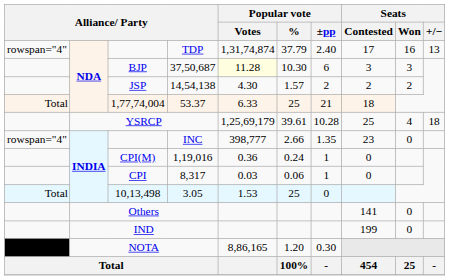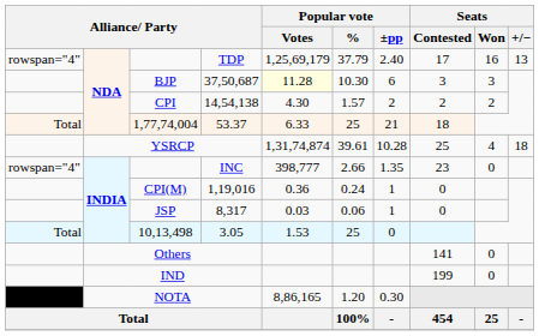 <table class="wikitable sortable" style="text-align:center;">
 <tr>
 <th colspan="4" rowspan="2">Alliance/ Party</th>
 <th colspan="3">Popular vote</th>
 <th colspan="3">Seats</th>
 </tr>
 <tr>
 <th>Votes</th>
 <th>%</th>
 <th>±<a href='#'>pp</a></th>
 <th>Contested</th>
 <th>Won</th>
 <th><strong>+/−</strong></th>
 </tr>
 <tr>
 <td>rowspan="4" </td>
 <th rowspan="4"style="background:#fef3e8"><a href='#'>NDA</a></th>
 <td></td>
 <td><a href='#'>TDP</a></td>
-<td>1,31,74,874</td>
+<td>1,25,69,179</td>
 <td>37.79</td>
 <td> 2.40</td>
 <td>17</td>
 <td>16</td>
 <td> 13</td>
 </tr>
 <tr>
 <td></td>
 <td><a href='#'>BJP</a></td>
 <td>37,50,687</td>
 <td style="background: lightyellow;">11.28</td>
 <td> 10.30</td>
 <td>6</td>
 <td>3</td>
 <td> 3</td>
 </tr>
 <tr>
 <td></td>
-<td><a href='#'>JSP</a></td>
+<td><a href='#'>CPI</a></td>
 <td>14,54,138</td>
 <td>4.30</td>
 <td> 1.57</td>
 <td>2</td>
 <td>2</td>
 <td> 2</td>
 </tr>
 <tr>
 <td colspan="2"style="background:#fef3e8">Total</td>
 <td style="background:#fef3e8">1,77,74,004</td>
 <td style="background:#fef3e8">53.37</td>
 <td style="background:#fef3e8"> 6.33</td>
 <td style="background:#fef3e8">25</td>
 <td style="background:#fef3e8">21</td>
 <td style="background:#fef3e8"> 18</td>
 </tr>
 <tr>
 <td></td>
 <td colspan="3"><a href='#'>YSRCP</a></td>
-<td>1,25,69,179</td>
+<td>1,31,74,874</td>
 <td>39.61</td>
 <td> 10.28</td>
 <td>25</td>
 <td>4</td>
 <td> 18</td>
 </tr>
 <tr>
 <td>rowspan="4" </td>
 <th rowspan="4"style="background:#E5F8FF"><a href='#'>INDIA</a></th>
 <td></td>
 <td><a href='#'>INC</a></td>
 <td>398,777</td>
 <td>2.66</td>
 <td> 1.35</td>
 <td>23</td>
 <td>0</td>
 <td></td>
 </tr>
 <tr>
 <td></td>
 <td><a href='#'>CPI(M)</a></td>
 <td>1,19,016</td>
 <td>0.36</td>
 <td> 0.24</td>
 <td>1</td>
 <td>0</td>
 <td></td>
 </tr>
 <tr>
 <td></td>
-<td><a href='#'>CPI</a></td>
+<td><a href='#'>JSP</a></td>
 <td>8,317</td>
 <td>0.03</td>
 <td> 0.06</td>
 <td>1</td>
 <td>0</td>
 <td></td>
 </tr>
 <tr>
 <td colspan="2"style="background:#E5F8FF">Total</td>
 <td style="background:#E5F8FF">10,13,498</td>
 <td style="background:#E5F8FF">3.05</td>
 <td style="background:#E5F8FF"> 1.53</td>
 <td style="background:#E5F8FF">25</td>
 <td style="background:#E5F8FF">0</td>
 <td style="background:#E5F8FF"></td>
 </tr>
 <tr>
 <td></td>
 <td colspan="3"><a href='#'>Others</a></td>
 <td></td>
 <td></td>
 <td></td>
 <td>141</td>
 <td>0</td>
 <td></td>
 </tr>
 <tr>
 <td></td>
 <td colspan="3"><a href='#'>IND</a></td>
 <td></td>
 <td></td>
 <td></td>
 <td>199</td>
 <td>0</td>
 <td></td>
 </tr>
 <tr>
 <td bgcolor="Black"></td>
 <td colspan="3"><a href='#'>NOTA</a></td>
 <td>8,86,165</td>
 <td>1.20</td>
 <td> 0.30</td>
 <th colspan="3" style="background-color:#E9E9E9"></th>
 </tr>
 <tr>
 <th colspan="4">Total</th>
 <th></th>
 <th>100%</th>
 <th>-</th>
 <th>454</th>
 <th>25</th>
 <th>-</th>
 </tr>
 <tr>
 </tr>
 </table>
